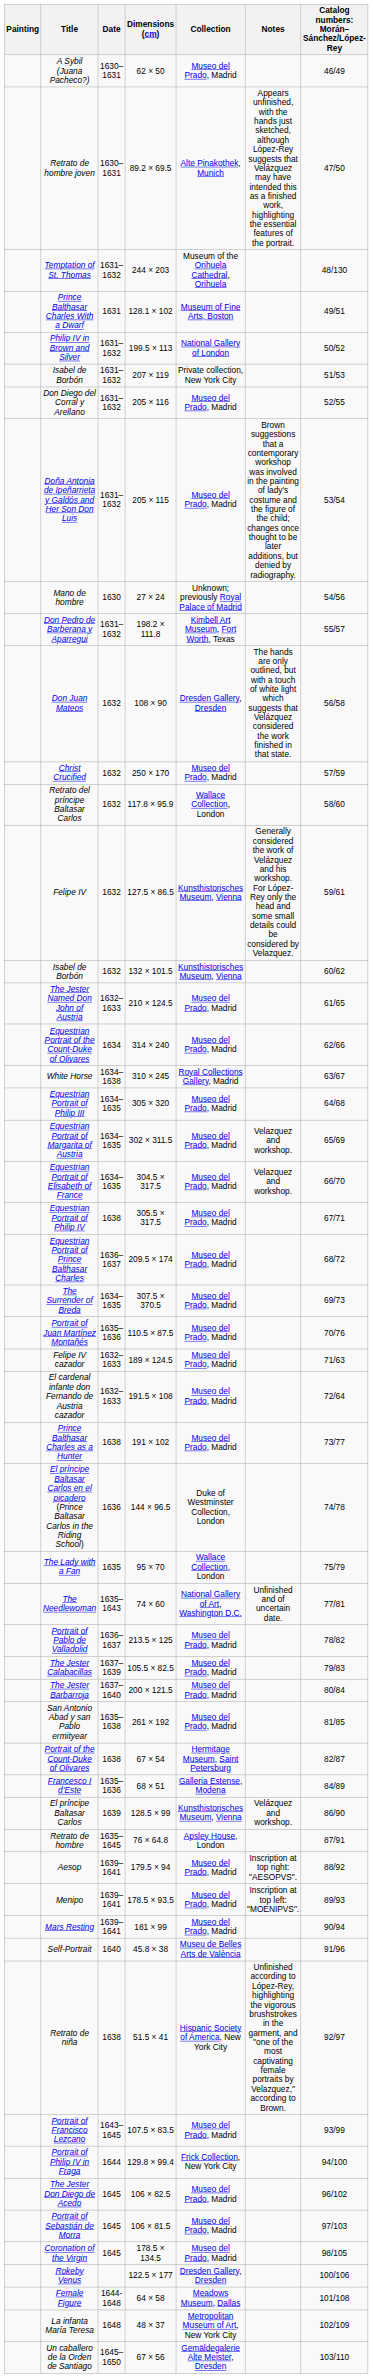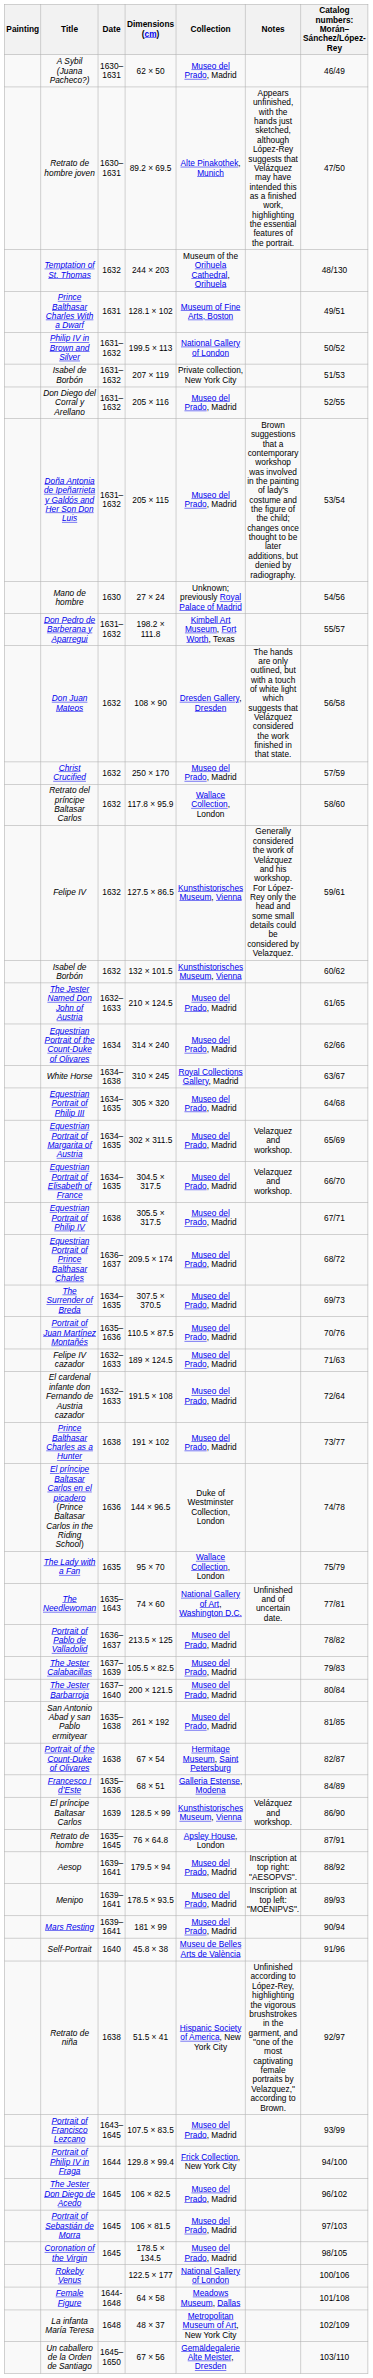 <table class="sortable wikitable" style="margin-left:0.5em; text-align:center">
 <tr>
 <th>Painting</th>
 <th>Title</th>
 <th>Date</th>
 <th>Dimensions (<a href='#'>cm</a>)</th>
 <th>Collection</th>
 <th>Notes</th>
 <th>Catalog numbers: Morán–Sánchez/López-Rey</th>
 </tr>
 <tr>
 <td></td>
 <td><em>A Sybil (Juana Pacheco?)</em></td>
 <td>1630–1631</td>
 <td>62 × 50</td>
 <td><a href='#'>Museo del Prado</a>, Madrid</td>
 <td></td>
 <td>46/49</td>
 </tr>
 <tr>
 <td></td>
 <td><em>Retrato de hombre joven</em></td>
 <td>1630–1631</td>
 <td>89.2 × 69.5</td>
 <td><a href='#'>Alte Pinakothek</a>, <a href='#'>Munich</a></td>
 <td>Appears unfinished, with the hands just sketched, although López-Rey suggests that Velázquez may have intended this as a finished work, highlighting the essential features of the portrait.</td>
 <td>47/50</td>
 </tr>
 <tr>
 <td></td>
 <td><em><a href='#'>Temptation of St. Thomas</a></em></td>
-<td>1631–1632</td>
+<td>1632</td>
 <td>244 × 203</td>
 <td>Museum of the <a href='#'>Orihuela Cathedral</a>, <a href='#'>Orihuela</a></td>
 <td></td>
 <td>48/130</td>
 </tr>
 <tr>
 <td></td>
 <td><em><a href='#'>Prince Balthasar Charles With a Dwarf</a></em></td>
 <td>1631</td>
 <td>128.1 × 102</td>
 <td><a href='#'>Museum of Fine Arts, Boston</a></td>
 <td></td>
 <td>49/51</td>
 </tr>
 <tr>
 <td></td>
 <td><em><a href='#'>Philip IV in Brown and Silver</a></em></td>
 <td>1631–1632</td>
 <td>199.5 × 113</td>
 <td><a href='#'>National Gallery of London</a></td>
 <td></td>
 <td>50/52</td>
 </tr>
 <tr>
 <td></td>
 <td><em>Isabel de Borbón</em></td>
 <td>1631–1632</td>
 <td>207 × 119</td>
 <td>Private collection, New York City</td>
 <td></td>
 <td>51/53</td>
 </tr>
 <tr>
 <td></td>
 <td><em>Don Diego del Corral y Arellano</em></td>
 <td>1631–1632</td>
 <td>205 × 116</td>
 <td><a href='#'>Museo del Prado</a>, Madrid</td>
 <td></td>
 <td>52/55</td>
 </tr>
 <tr>
 <td></td>
 <td><em><a href='#'>Doña Antonia de Ipeñarrieta y Galdós and Her Son Don Luis</a></em></td>
 <td>1631–1632</td>
 <td>205 × 115</td>
 <td><a href='#'>Museo del Prado</a>, Madrid</td>
 <td>Brown suggestions that a contemporary workshop was involved in the painting of lady's costume and the figure of the child; changes once thought to be later additions, but denied by radiography.</td>
 <td>53/54</td>
 </tr>
 <tr>
 <td></td>
 <td><em>Mano de hombre</em></td>
 <td>1630</td>
 <td>27 × 24</td>
 <td>Unknown; previously <a href='#'>Royal Palace of Madrid</a></td>
 <td></td>
 <td>54/56</td>
 </tr>
 <tr>
 <td></td>
 <td><em><a href='#'>Don Pedro de Barberana y Aparregui</a></em></td>
 <td>1631–1632</td>
 <td>198.2 × 111.8</td>
 <td><a href='#'>Kimbell Art Museum</a>, <a href='#'>Fort Worth</a>, Texas</td>
 <td></td>
 <td>55/57</td>
 </tr>
 <tr>
 <td></td>
 <td><em><a href='#'>Don Juan Mateos</a></em></td>
 <td>1632</td>
 <td>108 × 90</td>
 <td><a href='#'>Dresden Gallery</a>, <a href='#'>Dresden</a></td>
 <td>The hands are only outlined, but with a touch of white light which suggests that Velázquez considered the work finished in that state.</td>
 <td>56/58</td>
 </tr>
 <tr>
 <td></td>
 <td><em><a href='#'>Christ Crucified</a></em></td>
 <td>1632</td>
 <td>250 × 170</td>
 <td><a href='#'>Museo del Prado</a>, Madrid</td>
 <td></td>
 <td>57/59</td>
 </tr>
 <tr>
 <td></td>
 <td><em>Retrato del príncipe Baltasar Carlos</em></td>
 <td>1632</td>
 <td>117.8 × 95.9</td>
 <td><a href='#'>Wallace Collection</a>, London</td>
 <td></td>
 <td>58/60</td>
 </tr>
 <tr>
 <td></td>
 <td><em>Felipe IV</em></td>
 <td>1632</td>
 <td>127.5 × 86.5</td>
 <td><a href='#'>Kunsthistorisches Museum</a>, <a href='#'>Vienna</a></td>
 <td>Generally considered the work of Velázquez and his workshop. For López-Rey only the head and some small details could be considered by Velazquez.</td>
 <td>59/61</td>
 </tr>
 <tr>
 <td></td>
 <td><em>Isabel de Borbón</em></td>
 <td>1632</td>
 <td>132 × 101.5</td>
 <td><a href='#'>Kunsthistorisches Museum</a>, <a href='#'>Vienna</a></td>
 <td></td>
 <td>60/62</td>
 </tr>
 <tr>
 <td></td>
 <td><em><a href='#'>The Jester Named Don John of Austria</a></em></td>
 <td>1632–1633</td>
 <td>210 × 124.5</td>
 <td><a href='#'>Museo del Prado</a>, Madrid</td>
 <td></td>
 <td>61/65</td>
 </tr>
 <tr>
 <td></td>
 <td><em><a href='#'>Equestrian Portrait of the Count-Duke of Olivares</a></em></td>
 <td>1634</td>
 <td>314 × 240</td>
 <td><a href='#'>Museo del Prado</a>, Madrid</td>
 <td></td>
 <td>62/66</td>
 </tr>
 <tr>
 <td></td>
 <td><em>White Horse</em></td>
 <td>1634–1638</td>
 <td>310 × 245</td>
 <td><a href='#'>Royal Collections Gallery</a>, Madrid</td>
 <td></td>
 <td>63/67</td>
 </tr>
 <tr>
 <td></td>
 <td><em><a href='#'>Equestrian Portrait of Philip III</a></em></td>
 <td>1634–1635</td>
 <td>305 × 320</td>
 <td><a href='#'>Museo del Prado</a>, Madrid</td>
 <td></td>
 <td>64/68</td>
 </tr>
 <tr>
 <td></td>
 <td><em><a href='#'>Equestrian Portrait of Margarita of Austria</a></em></td>
 <td>1634–1635</td>
 <td>302 × 311.5</td>
 <td><a href='#'>Museo del Prado</a>, Madrid</td>
 <td>Velazquez and workshop.</td>
 <td>65/69</td>
 </tr>
 <tr>
 <td></td>
 <td><em><a href='#'>Equestrian Portrait of Elisabeth of France</a></em></td>
 <td>1634–1635</td>
 <td>304.5 × 317.5</td>
 <td><a href='#'>Museo del Prado</a>, Madrid</td>
 <td>Velazquez and workshop.</td>
 <td>66/70</td>
 </tr>
 <tr>
 <td></td>
 <td><em><a href='#'>Equestrian Portrait of Philip IV</a></em></td>
 <td>1638</td>
 <td>305.5 × 317.5</td>
 <td><a href='#'>Museo del Prado</a>, Madrid</td>
 <td></td>
 <td>67/71</td>
 </tr>
 <tr>
 <td></td>
 <td><em><a href='#'>Equestrian Portrait of Prince Balthasar Charles</a></em></td>
 <td>1636–1637</td>
 <td>209.5 × 174</td>
 <td><a href='#'>Museo del Prado</a>, Madrid</td>
 <td></td>
 <td>68/72</td>
 </tr>
 <tr>
 <td></td>
 <td><em><a href='#'>The Surrender of Breda</a></em></td>
 <td>1634–1635</td>
 <td>307.5 × 370.5</td>
 <td><a href='#'>Museo del Prado</a>, Madrid</td>
 <td></td>
 <td>69/73</td>
 </tr>
 <tr>
 <td></td>
 <td><em><a href='#'>Portrait of Juan Martínez Montañés</a></em></td>
 <td>1635–1636</td>
 <td>110.5 × 87.5</td>
 <td><a href='#'>Museo del Prado</a>, Madrid</td>
 <td></td>
 <td>70/76</td>
 </tr>
 <tr>
 <td></td>
 <td><em>Felipe IV cazador</em></td>
 <td>1632–1633</td>
 <td>189 × 124.5</td>
 <td><a href='#'>Museo del Prado</a>, Madrid</td>
 <td></td>
 <td>71/63</td>
 </tr>
 <tr>
 <td></td>
 <td><em>El cardenal infante don Fernando de Austria cazador</em></td>
 <td>1632–1633</td>
 <td>191.5 × 108</td>
 <td><a href='#'>Museo del Prado</a>, Madrid</td>
 <td></td>
 <td>72/64</td>
 </tr>
 <tr>
 <td></td>
 <td><em><a href='#'>Prince Balthasar Charles as a Hunter</a></em></td>
 <td>1638</td>
 <td>191 × 102</td>
 <td><a href='#'>Museo del Prado</a>, Madrid</td>
 <td></td>
 <td>73/77</td>
 </tr>
 <tr>
 <td></td>
 <td><a href='#'><em>El príncipe Baltasar Carlos en el picadero</em></a> (<em>Prince Baltasar Carlos in the Riding School</em>)</td>
 <td>1636</td>
 <td>144 × 96.5</td>
 <td>Duke of Westminster Collection, London</td>
 <td></td>
 <td>74/78</td>
 </tr>
 <tr>
 <td></td>
 <td><em><a href='#'>The Lady with a Fan</a></em></td>
 <td>1635</td>
 <td>95 × 70</td>
 <td><a href='#'>Wallace Collection</a>, London</td>
 <td></td>
 <td>75/79</td>
 </tr>
 <tr>
 <td></td>
 <td><em><a href='#'>The Needlewoman</a></em></td>
 <td>1635–1643</td>
 <td>74 × 60</td>
 <td><a href='#'>National Gallery of Art</a>, <a href='#'>Washington D.C.</a></td>
 <td>Unfinished and of uncertain date.</td>
 <td>77/81</td>
 </tr>
 <tr>
 <td></td>
 <td><em><a href='#'>Portrait of Pablo de Valladolid</a></em></td>
 <td>1636–1637</td>
 <td>213.5 × 125</td>
 <td><a href='#'>Museo del Prado</a>, Madrid</td>
 <td></td>
 <td>78/82</td>
 </tr>
 <tr>
 <td></td>
 <td><em><a href='#'>The Jester Calabacillas</a></em></td>
 <td>1637–1639</td>
 <td>105.5 × 82.5</td>
 <td><a href='#'>Museo del Prado</a>, Madrid</td>
 <td></td>
 <td>79/83</td>
 </tr>
 <tr>
 <td></td>
 <td><em><a href='#'>The Jester Barbarroja</a></em></td>
 <td>1637–1640</td>
 <td>200 × 121.5</td>
 <td><a href='#'>Museo del Prado</a>, Madrid</td>
 <td></td>
 <td>80/84</td>
 </tr>
 <tr>
 <td></td>
 <td><em>San Antonio Abad y san Pablo ermityear</em></td>
 <td>1635–1638</td>
 <td>261 × 192</td>
 <td><a href='#'>Museo del Prado</a>, Madrid</td>
 <td></td>
 <td>81/85</td>
 </tr>
 <tr>
 <td></td>
 <td><em><a href='#'>Portrait of the Count-Duke of Olivares</a></em></td>
 <td>1638</td>
 <td>67 × 54</td>
 <td><a href='#'>Hermitage Museum</a>, <a href='#'>Saint Petersburg</a></td>
 <td></td>
 <td>82/87</td>
 </tr>
 <tr>
 <td></td>
 <td><a href='#'><em>Francesco I d’Este</em></a></td>
 <td>1635–1636</td>
 <td>68 × 51</td>
 <td><a href='#'>Galleria Estense</a>, <a href='#'>Modena</a></td>
 <td></td>
 <td>84/89</td>
 </tr>
 <tr>
 <td></td>
 <td><em>El príncipe Baltasar Carlos</em></td>
 <td>1639</td>
 <td>128.5 × 99</td>
 <td><a href='#'>Kunsthistorisches Museum</a>, <a href='#'>Vienna</a></td>
 <td>Velázquez and workshop.</td>
 <td>86/90</td>
 </tr>
 <tr>
 <td></td>
 <td><em>Retrato de hombre</em></td>
 <td>1635–1645</td>
 <td>76 × 64.8</td>
 <td><a href='#'>Apsley House</a>, London</td>
 <td></td>
 <td>87/91</td>
 </tr>
 <tr>
 <td></td>
 <td><em>Aesop</em></td>
 <td>1639–1641</td>
 <td>179.5 × 94</td>
 <td><a href='#'>Museo del Prado</a>, Madrid</td>
 <td>Inscription at top right: "AESOPVS".</td>
 <td>88/92</td>
 </tr>
 <tr>
 <td></td>
 <td><em>Menipo</em></td>
 <td>1639–1641</td>
 <td>178.5 × 93.5</td>
 <td><a href='#'>Museo del Prado</a>, Madrid</td>
 <td>Inscription at top left: "MOENIPVS".</td>
 <td>89/93</td>
 </tr>
 <tr>
 <td></td>
 <td><em><a href='#'>Mars Resting</a></em></td>
 <td>1639–1641</td>
 <td>181 × 99</td>
 <td><a href='#'>Museo del Prado</a>, Madrid</td>
 <td></td>
 <td>90/94</td>
 </tr>
 <tr>
 <td></td>
 <td><em>Self-Portrait</em></td>
 <td>1640</td>
 <td>45.8 × 38</td>
 <td><a href='#'>Museu de Belles Arts de València</a></td>
 <td></td>
 <td>91/96</td>
 </tr>
 <tr>
 <td></td>
 <td><em>Retrato de niña</em></td>
 <td>1638</td>
 <td>51.5 × 41</td>
 <td><a href='#'>Hispanic Society of America</a>, New York City</td>
 <td>Unfinished according to López-Rey, highlighting the vigorous brushstrokes in the garment, and "one of the most captivating female portraits by Velazquez," according to Brown.</td>
 <td>92/97</td>
 </tr>
 <tr>
 <td></td>
 <td><em><a href='#'>Portrait of Francisco Lezcano</a></em></td>
 <td>1643–1645</td>
 <td>107.5 × 83.5</td>
 <td><a href='#'>Museo del Prado</a>, Madrid</td>
 <td></td>
 <td>93/99</td>
 </tr>
 <tr>
 <td></td>
 <td><em><a href='#'>Portrait of Philip IV in Fraga</a></em></td>
 <td>1644</td>
 <td>129.8 × 99.4</td>
 <td><a href='#'>Frick Collection</a>, New York City</td>
 <td></td>
 <td>94/100</td>
 </tr>
 <tr>
 <td></td>
 <td><em><a href='#'>The Jester Don Diego de Acedo</a></em></td>
 <td>1645</td>
 <td>106 × 82.5</td>
 <td><a href='#'>Museo del Prado</a>, Madrid</td>
 <td></td>
 <td>96/102</td>
 </tr>
 <tr>
 <td></td>
 <td><em><a href='#'>Portrait of Sebastián de Morra</a></em></td>
 <td>1645</td>
 <td>106 × 81.5</td>
 <td><a href='#'>Museo del Prado</a>, Madrid</td>
 <td></td>
 <td>97/103</td>
 </tr>
 <tr>
 <td></td>
 <td><em><a href='#'>Coronation of the Virgin</a></em></td>
 <td>1645</td>
 <td>178.5 × 134.5</td>
 <td><a href='#'>Museo del Prado</a>, Madrid</td>
 <td></td>
 <td>98/105</td>
 </tr>
 <tr>
 <td></td>
 <td><em><a href='#'>Rokeby Venus</a></em></td>
 <td></td>
 <td>122.5 × 177</td>
-<td><a href='#'>Dresden Gallery</a>, <a href='#'>Dresden</a></td>
+<td><a href='#'>National Gallery of London</a></td>
 <td></td>
 <td>100/106</td>
 </tr>
 <tr>
 <td></td>
 <td><em><a href='#'>Female Figure</a></em></td>
 <td>1644-1648</td>
 <td>64 × 58</td>
 <td><a href='#'>Meadows Museum</a>, <a href='#'>Dallas</a></td>
 <td></td>
 <td>101/108</td>
 </tr>
 <tr>
 <td></td>
 <td><em>La infanta María Teresa</em></td>
 <td>1648</td>
 <td>48 × 37</td>
 <td><a href='#'>Metropolitan Museum of Art</a>, New York City</td>
 <td></td>
 <td>102/109</td>
 </tr>
 <tr>
 <td></td>
 <td><em>Un caballero de la Orden de Santiago</em></td>
 <td>1645–1650</td>
 <td>67 × 56</td>
 <td><a href='#'>Gemäldegalerie Alte Meister</a>, <a href='#'>Dresden</a></td>
 <td></td>
 <td>103/110</td>
 </tr>
 </table>
